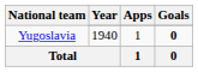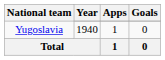 <table class=wikitable style=text-align:center>
 <tr>
 <th>National team</th>
 <th>Year</th>
 <th>Apps</th>
 <th>Goals</th>
 </tr>
 <tr>
 <td rowspan="2"><a href='#'>Yugoslavia</a></td>
 </tr>
 <tr>
 <td>1940</td>
 <td>1</td>
-<td><strong>0</strong></td>
+<td>0</td>
 </tr>
 <tr>
 <th colspan="2">Total</th>
 <th>1</th>
 <th>0</th>
 </tr>
 </table>
